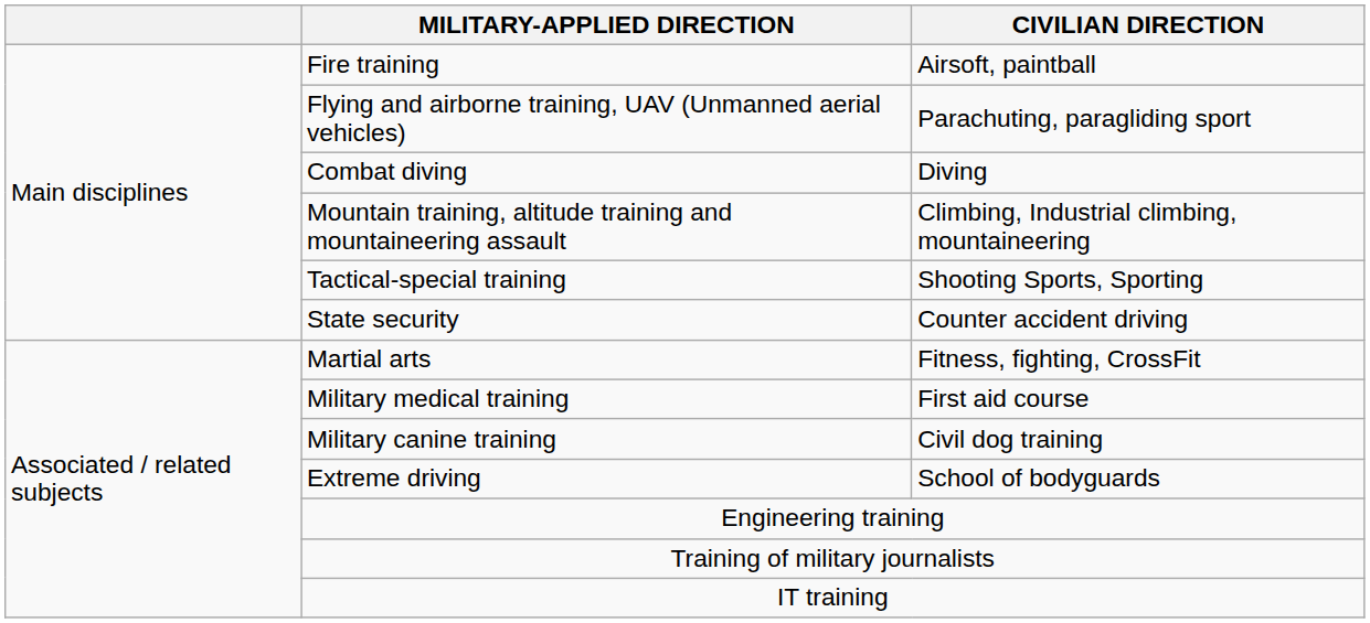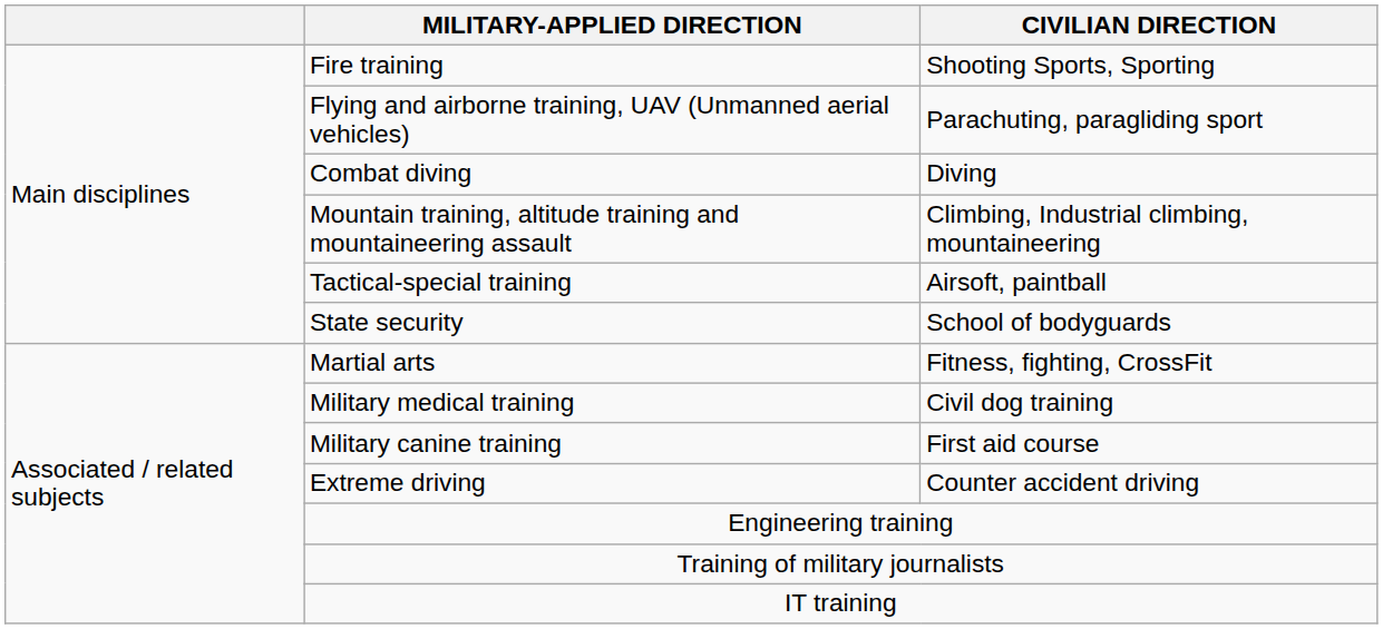 <table class="wikitable">
 <tr>
 <th></th>
 <th>MILITARY-APPLIED DIRECTION</th>
 <th>CIVILIAN DIRECTION</th>
 </tr>
 <tr>
 <td rowspan="6">Main disciplines</td>
 <td>Fire training</td>
-<td>Airsoft, paintball</td>
+<td>Shooting Sports, Sporting</td>
 </tr>
 <tr>
 <td>Flying and airborne training, UAV (Unmanned aerial vehicles)</td>
 <td>Parachuting, paragliding sport</td>
 </tr>
 <tr>
 <td>Combat diving</td>
 <td>Diving</td>
 </tr>
 <tr>
 <td>Mountain training, altitude training and mountaineering assault</td>
 <td>Climbing, Industrial climbing, mountaineering</td>
 </tr>
 <tr>
 <td>Tactical-special training</td>
-<td>Shooting Sports, Sporting</td>
+<td>Airsoft, paintball</td>
 </tr>
 <tr>
 <td>State security</td>
-<td>Counter accident driving</td>
+<td>School of bodyguards</td>
 </tr>
 <tr>
 <td rowspan="7">Associated / related subjects</td>
 <td>Martial arts</td>
 <td>Fitness, fighting, CrossFit</td>
 </tr>
 <tr>
 <td>Military medical training</td>
+<td>Civil dog training</td>
+</tr>
+<tr>
+<td>Military canine training</td>
 <td>First aid course</td>
 </tr>
 <tr>
-<td>Military canine training</td>
-<td>Civil dog training</td>
-</tr>
-<tr>
 <td>Extreme driving</td>
-<td>School of bodyguards</td>
+<td>Counter accident driving</td>
 </tr>
 <tr>
 <td colspan="3" style="text-align: center;">Engineering training</td>
 </tr>
 <tr>
 <td colspan="3" style="text-align: center;">Training of military journalists</td>
 </tr>
 <tr>
 <td colspan="3" style="text-align: center;">IT training</td>
 </tr>
 </table>
